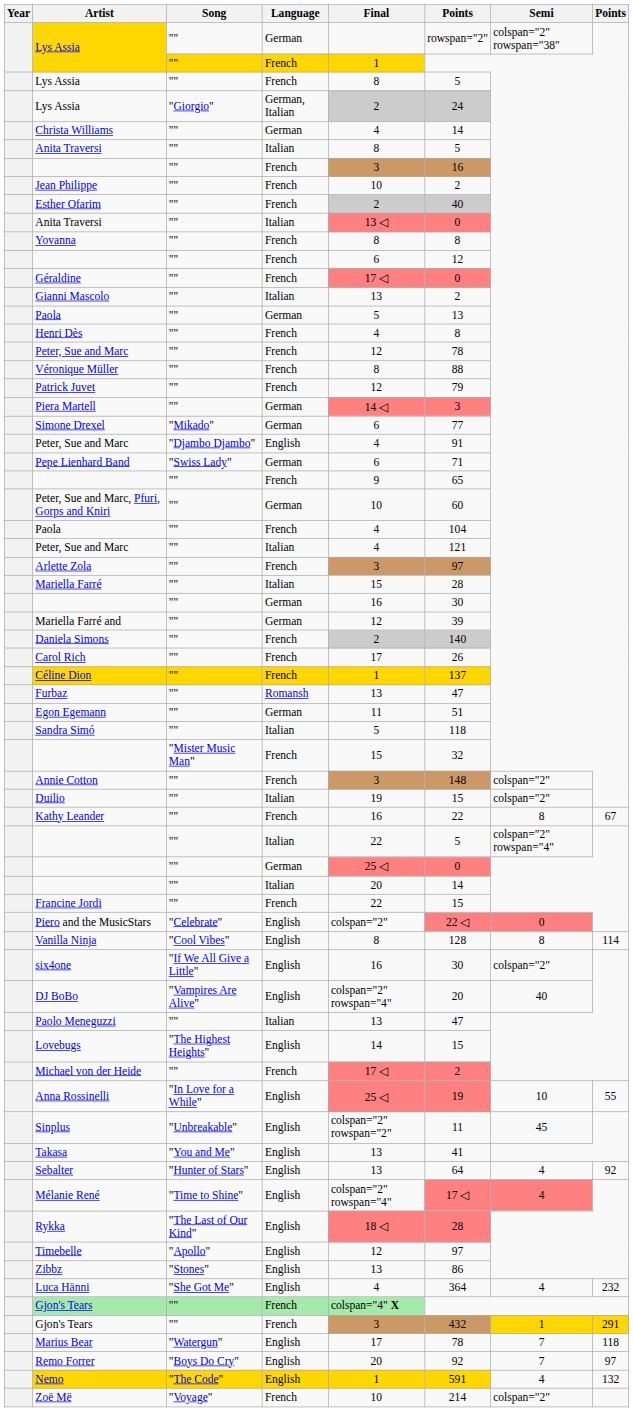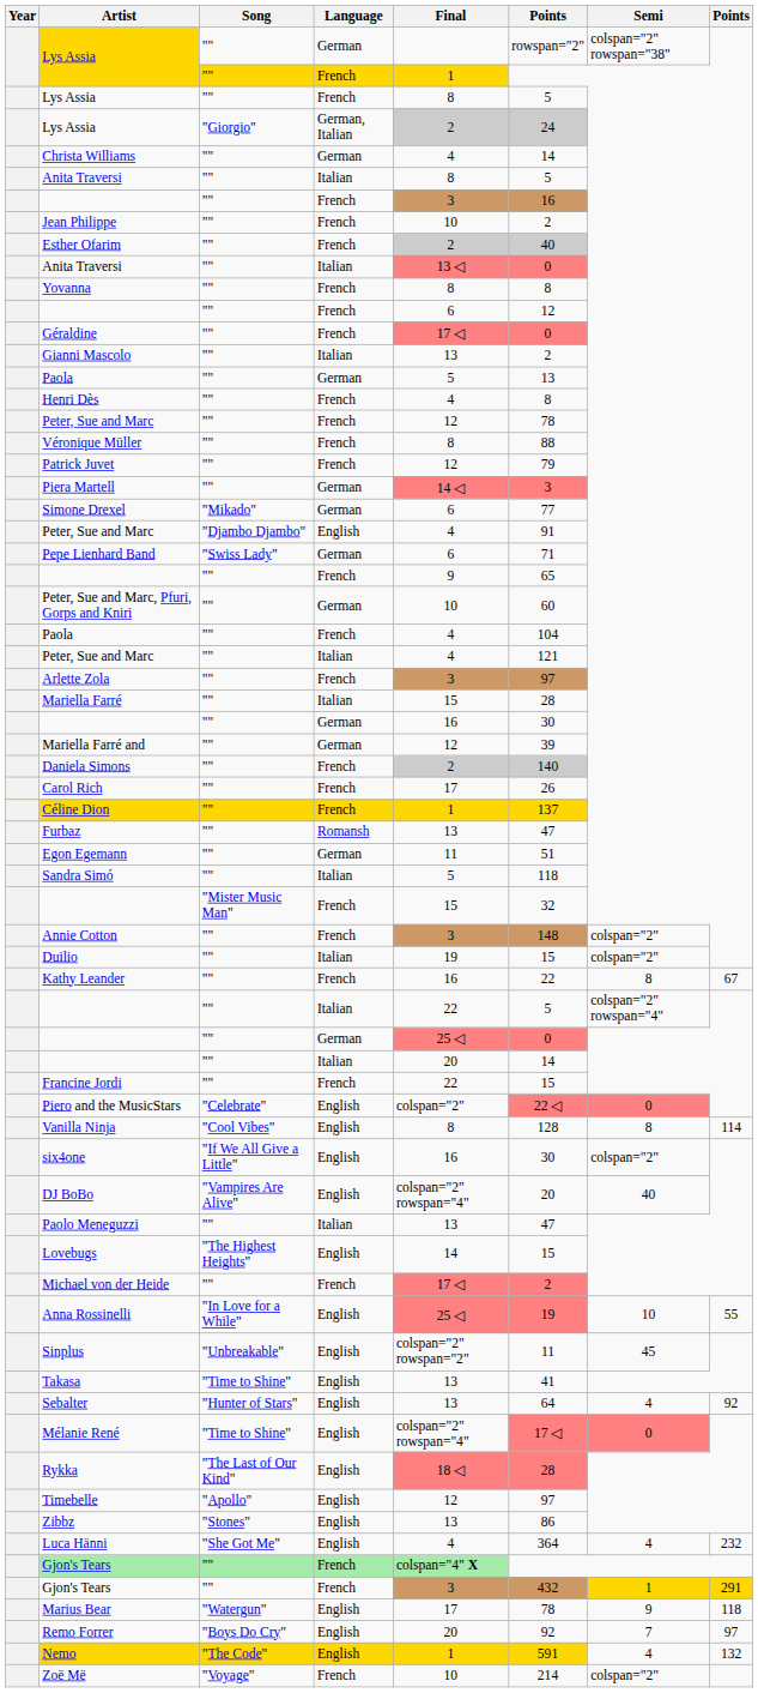 <table class="wikitable sortable plainrowheaders">
 <tr>
 <th scope="col">Year</th>
 <th scope="col">Artist</th>
 <th scope="col">Song</th>
 <th scope="col">Language</th>
 <th scope="col" data-sort-type="number">Final</th>
 <th scope="col" data-sort-type="number">Points</th>
 <th scope="col" data-sort-type="number">Semi</th>
 <th scope="col" data-sort-type="number">Points</th>
 </tr>
 <tr>
 <th scope="row" rowspan="2" style="text-align:center;"></th>
 <td rowspan="2" bgcolor="gold"><a href='#'>Lys Assia</a></td>
 <td>""</td>
 <td>German</td>
 <td></td>
 <td>rowspan="2" </td>
 <td>colspan="2" rowspan="38" </td>
 </tr>
 <tr style="background-color:#FFD700;">
 <td>""</td>
 <td>French</td>
 <td style="text-align:center;">1</td>
 </tr>
 <tr>
 <th scope="row" style="text-align:center;"></th>
 <td>Lys Assia</td>
 <td>""</td>
 <td>French</td>
 <td style="text-align:center;">8</td>
 <td style="text-align:center;">5</td>
 </tr>
 <tr>
 <th scope="row" style="text-align:center;"></th>
 <td>Lys Assia</td>
 <td>"<a href='#'>Giorgio</a>"</td>
 <td>German, Italian</td>
 <td style="text-align:center; background-color:#CCC;">2</td>
 <td style="text-align:center; background-color:#CCC;">24</td>
 </tr>
 <tr>
 <th scope="row" style="text-align:center;"></th>
 <td><a href='#'>Christa Williams</a></td>
 <td>""</td>
 <td>German</td>
 <td style="text-align:center;">4</td>
 <td style="text-align:center;">14</td>
 </tr>
 <tr>
 <th scope="row" style="text-align:center;"></th>
 <td><a href='#'>Anita Traversi</a></td>
 <td>""</td>
 <td>Italian</td>
 <td style="text-align:center;">8</td>
 <td style="text-align:center;">5</td>
 </tr>
 <tr>
 <th scope="row" style="text-align:center;"></th>
 <td></td>
 <td>""</td>
 <td>French</td>
 <td style="text-align:center; background-color:#C96;">3</td>
 <td style="text-align:center; background-color:#C96;">16</td>
 </tr>
 <tr>
 <th scope="row" style="text-align:center;"></th>
 <td><a href='#'>Jean Philippe</a></td>
 <td>""</td>
 <td>French</td>
 <td style="text-align:center;">10</td>
 <td style="text-align:center;">2</td>
 </tr>
 <tr>
 <th scope="row" style="text-align:center;"></th>
 <td><a href='#'>Esther Ofarim</a></td>
 <td>""</td>
 <td>French</td>
 <td style="text-align:center; background-color:#CCC;">2</td>
 <td style="text-align:center; background-color:#CCC;">40</td>
 </tr>
 <tr>
 <th scope="row" style="text-align:center;"></th>
 <td>Anita Traversi</td>
 <td>""</td>
 <td>Italian</td>
 <td style="text-align:center; background-color:#FE8080;">13 ◁</td>
 <td style="text-align:center; background-color:#FE8080;">0</td>
 </tr>
 <tr>
 <th scope="row" style="text-align:center;"></th>
 <td><a href='#'>Yovanna</a></td>
 <td>""</td>
 <td>French</td>
 <td style="text-align:center;">8</td>
 <td style="text-align:center;">8</td>
 </tr>
 <tr>
 <th scope="row" style="text-align:center;"></th>
 <td></td>
 <td>""</td>
 <td>French</td>
 <td style="text-align:center;">6</td>
 <td style="text-align:center;">12</td>
 </tr>
 <tr>
 <th scope="row" style="text-align:center;"></th>
 <td><a href='#'>Géraldine</a></td>
 <td>""</td>
 <td>French</td>
 <td style="text-align:center; background-color:#FE8080;">17 ◁</td>
 <td style="text-align:center; background-color:#FE8080;">0</td>
 </tr>
 <tr>
 <th scope="row" style="text-align:center;"></th>
 <td><a href='#'>Gianni Mascolo</a></td>
 <td>""</td>
 <td>Italian</td>
 <td style="text-align:center;">13</td>
 <td style="text-align:center;">2</td>
 </tr>
 <tr>
 <th scope="row" style="text-align:center;"></th>
 <td><a href='#'>Paola</a></td>
 <td>""</td>
 <td>German</td>
 <td style="text-align:center;">5</td>
 <td style="text-align:center;">13</td>
 </tr>
 <tr>
 <th scope="row" style="text-align:center;"></th>
 <td><a href='#'>Henri Dès</a></td>
 <td>""</td>
 <td>French</td>
 <td style="text-align:center;">4</td>
 <td style="text-align:center;">8</td>
 </tr>
 <tr>
 <th scope="row" style="text-align:center;"></th>
 <td><a href='#'>Peter, Sue and Marc</a></td>
 <td>""</td>
 <td>French</td>
 <td style="text-align:center;">12</td>
 <td style="text-align:center;">78</td>
 </tr>
 <tr>
 <th scope="row" style="text-align:center;"></th>
 <td><a href='#'>Véronique Müller</a></td>
 <td>""</td>
 <td>French</td>
 <td style="text-align:center;">8</td>
 <td style="text-align:center;">88</td>
 </tr>
 <tr>
 <th scope="row" style="text-align:center;"></th>
 <td><a href='#'>Patrick Juvet</a></td>
 <td>""</td>
 <td>French</td>
 <td style="text-align:center;">12</td>
 <td style="text-align:center;">79</td>
 </tr>
 <tr>
 <th scope="row" style="text-align:center;"></th>
 <td><a href='#'>Piera Martell</a></td>
 <td>""</td>
 <td>German</td>
 <td style="text-align:center; background-color:#FE8080;">14 ◁</td>
 <td style="text-align:center; background-color:#FE8080;">3</td>
 </tr>
 <tr>
 <th scope="row" style="text-align:center;"></th>
 <td><a href='#'>Simone Drexel</a></td>
 <td>"<a href='#'>Mikado</a>"</td>
 <td>German</td>
 <td style="text-align:center;">6</td>
 <td style="text-align:center;">77</td>
 </tr>
 <tr>
 <th scope="row" style="text-align:center;"></th>
 <td>Peter, Sue and Marc</td>
 <td>"<a href='#'>Djambo Djambo</a>"</td>
 <td>English</td>
 <td style="text-align:center;">4</td>
 <td style="text-align:center;">91</td>
 </tr>
 <tr>
 <th scope="row" style="text-align:center;"></th>
 <td><a href='#'>Pepe Lienhard Band</a></td>
 <td>"<a href='#'>Swiss Lady</a>"</td>
 <td>German</td>
 <td style="text-align:center;">6</td>
 <td style="text-align:center;">71</td>
 </tr>
 <tr>
 <th scope="row" style="text-align:center;"></th>
 <td></td>
 <td>""</td>
 <td>French</td>
 <td style="text-align:center;">9</td>
 <td style="text-align:center;">65</td>
 </tr>
 <tr>
 <th scope="row" style="text-align:center;"></th>
 <td>Peter, Sue and Marc, <a href='#'>Pfuri, Gorps and Kniri</a></td>
 <td>""</td>
 <td>German</td>
 <td style="text-align:center;">10</td>
 <td style="text-align:center;">60</td>
 </tr>
 <tr>
 <th scope="row" style="text-align:center;"></th>
 <td>Paola</td>
 <td>""</td>
 <td>French</td>
 <td style="text-align:center;">4</td>
 <td style="text-align:center;">104</td>
 </tr>
 <tr>
 <th scope="row" style="text-align:center;"></th>
 <td>Peter, Sue and Marc</td>
 <td>""</td>
 <td>Italian</td>
 <td style="text-align:center;">4</td>
 <td style="text-align:center;">121</td>
 </tr>
 <tr>
 <th scope="row" style="text-align:center;"></th>
 <td><a href='#'>Arlette Zola</a></td>
 <td>""</td>
 <td>French</td>
 <td style="text-align:center; background-color:#C96;">3</td>
 <td style="text-align:center; background-color:#C96;">97</td>
 </tr>
 <tr>
 <th scope="row" style="text-align:center;"></th>
 <td><a href='#'>Mariella Farré</a></td>
 <td>""</td>
 <td>Italian</td>
 <td style="text-align:center;">15</td>
 <td style="text-align:center;">28</td>
 </tr>
 <tr>
 <th scope="row" style="text-align:center;"></th>
 <td></td>
 <td>""</td>
 <td>German</td>
 <td style="text-align:center;">16</td>
 <td style="text-align:center;">30</td>
 </tr>
 <tr>
 <th scope="row" style="text-align:center;"></th>
 <td>Mariella Farré and </td>
 <td>""</td>
 <td>German</td>
 <td style="text-align:center;">12</td>
 <td style="text-align:center;">39</td>
 </tr>
 <tr>
 <th scope="row" style="text-align:center;"></th>
 <td><a href='#'>Daniela Simons</a></td>
 <td>""</td>
 <td>French</td>
 <td style="text-align:center; background-color:#CCC;">2</td>
 <td style="text-align:center; background-color:#CCC;">140</td>
 </tr>
 <tr>
 <th scope="row" style="text-align:center;"></th>
 <td><a href='#'>Carol Rich</a></td>
 <td>""</td>
 <td>French</td>
 <td style="text-align:center;">17</td>
 <td style="text-align:center;">26</td>
 </tr>
 <tr style="background-color:#FFD700;">
 <th scope="row" style="text-align:center;"></th>
 <td><a href='#'>Céline Dion</a></td>
 <td>""</td>
 <td>French</td>
 <td style="text-align:center;">1</td>
 <td style="text-align:center;">137</td>
 </tr>
 <tr>
 <th scope="row" style="text-align:center;"></th>
 <td><a href='#'>Furbaz</a></td>
 <td>""</td>
 <td><a href='#'>Romansh</a></td>
 <td style="text-align:center;">13</td>
 <td style="text-align:center;">47</td>
 </tr>
 <tr>
 <th scope="row" style="text-align:center;"></th>
 <td><a href='#'>Egon Egemann</a></td>
 <td>""</td>
 <td>German</td>
 <td style="text-align:center;">11</td>
 <td style="text-align:center;">51</td>
 </tr>
 <tr>
 <th scope="row" style="text-align:center;"></th>
 <td><a href='#'>Sandra Simó</a></td>
 <td>""</td>
 <td>Italian</td>
 <td style="text-align:center;">5</td>
 <td style="text-align:center;">118</td>
 </tr>
 <tr>
 <th scope="row" style="text-align:center;"></th>
 <td></td>
 <td>"<a href='#'>Mister Music Man</a>"</td>
 <td>French</td>
 <td style="text-align:center;">15</td>
 <td style="text-align:center;">32</td>
 </tr>
 <tr>
 <th scope="row" style="text-align:center;"></th>
 <td><a href='#'>Annie Cotton</a></td>
 <td>""</td>
 <td>French</td>
 <td style="text-align:center; background-color:#C96;">3</td>
 <td style="text-align:center; background-color:#C96;">148</td>
 <td>colspan="2" </td>
 </tr>
 <tr>
 <th scope="row" style="text-align:center;"></th>
 <td><a href='#'>Duilio</a></td>
 <td>""</td>
 <td>Italian</td>
 <td style="text-align:center;">19</td>
 <td style="text-align:center;">15</td>
 <td>colspan="2" </td>
 </tr>
 <tr>
 <th scope="row" style="text-align:center;"></th>
 <td><a href='#'>Kathy Leander</a></td>
 <td>""</td>
 <td>French</td>
 <td style="text-align:center;">16</td>
 <td style="text-align:center;">22</td>
 <td style="text-align:center;">8</td>
 <td style="text-align:center;">67</td>
 </tr>
 <tr>
 <th scope="row" style="text-align:center;"></th>
 <td></td>
 <td>""</td>
 <td>Italian</td>
 <td style="text-align:center;">22</td>
 <td style="text-align:center;">5</td>
 <td>colspan="2" rowspan="4" </td>
 </tr>
 <tr>
 <th scope="row" style="text-align:center;"></th>
 <td></td>
 <td>""</td>
 <td>German</td>
 <td style="text-align:center; background-color:#FE8080;">25 ◁</td>
 <td style="text-align:center; background-color:#FE8080;">0</td>
 </tr>
 <tr>
 <th scope="row" style="text-align:center;"></th>
 <td></td>
 <td>""</td>
 <td>Italian</td>
 <td style="text-align:center;">20</td>
 <td style="text-align:center;">14</td>
 </tr>
 <tr>
 <th scope="row" style="text-align:center;"></th>
 <td><a href='#'>Francine Jordi</a></td>
 <td>""</td>
 <td>French</td>
 <td style="text-align:center;">22</td>
 <td style="text-align:center;">15</td>
 </tr>
 <tr>
 <th scope="row" style="text-align:center;"></th>
 <td><a href='#'>Piero</a> and the MusicStars</td>
 <td>"<a href='#'>Celebrate</a>"</td>
 <td>English</td>
 <td>colspan="2" </td>
 <td style="text-align:center; background-color:#FE8080;">22 ◁</td>
 <td style="text-align:center; background-color:#FE8080;">0</td>
 </tr>
 <tr>
 <th scope="row" style="text-align:center;"></th>
 <td><a href='#'>Vanilla Ninja</a></td>
 <td>"<a href='#'>Cool Vibes</a>"</td>
 <td>English</td>
 <td style="text-align:center;">8</td>
 <td style="text-align:center;">128</td>
 <td style="text-align:center;">8</td>
 <td style="text-align:center;">114</td>
 </tr>
 <tr>
 <th scope="row" style="text-align:center;"></th>
 <td><a href='#'>six4one</a></td>
 <td>"<a href='#'>If We All Give a Little</a>"</td>
 <td>English</td>
 <td style="text-align:center;">16</td>
 <td style="text-align:center;">30</td>
 <td>colspan="2" </td>
 </tr>
 <tr>
 <th scope="row" style="text-align:center;"></th>
 <td><a href='#'>DJ BoBo</a></td>
 <td>"<a href='#'>Vampires Are Alive</a>"</td>
 <td>English</td>
 <td>colspan="2" rowspan="4" </td>
 <td style="text-align:center;">20</td>
 <td style="text-align:center;">40</td>
 </tr>
 <tr>
 <th scope="row" style="text-align:center;"></th>
 <td><a href='#'>Paolo Meneguzzi</a></td>
 <td>""</td>
 <td>Italian</td>
 <td style="text-align:center;">13</td>
 <td style="text-align:center;">47</td>
 </tr>
 <tr>
 <th scope="row" style="text-align:center;"></th>
 <td><a href='#'>Lovebugs</a></td>
 <td>"<a href='#'>The Highest Heights</a>"</td>
 <td>English</td>
 <td style="text-align:center;">14</td>
 <td style="text-align:center;">15</td>
 </tr>
 <tr>
 <th scope="row" style="text-align:center;"></th>
 <td><a href='#'>Michael von der Heide</a></td>
 <td>""</td>
 <td>French</td>
 <td style="text-align:center; background-color:#FE8080;">17 ◁</td>
 <td style="text-align:center; background-color:#FE8080;">2</td>
 </tr>
 <tr>
 <th scope="row" style="text-align:center;"></th>
 <td><a href='#'>Anna Rossinelli</a></td>
 <td>"<a href='#'>In Love for a While</a>"</td>
 <td>English</td>
 <td style="text-align:center; background-color:#FE8080;">25 ◁</td>
 <td style="text-align:center; background-color:#FE8080;">19</td>
 <td style="text-align:center;">10</td>
 <td style="text-align:center;">55</td>
 </tr>
 <tr>
 <th scope="row" style="text-align:center;"></th>
 <td><a href='#'>Sinplus</a></td>
 <td>"<a href='#'>Unbreakable</a>"</td>
 <td>English</td>
 <td>colspan="2" rowspan="2" </td>
 <td style="text-align:center;">11</td>
 <td style="text-align:center;">45</td>
 </tr>
 <tr>
 <th scope="row" style="text-align:center;"></th>
 <td><a href='#'>Takasa</a></td>
-<td>"<a href='#'>You and Me</a>"</td>
+<td>"<a href='#'>Time to Shine</a>"</td>
 <td>English</td>
 <td style="text-align:center;">13</td>
 <td style="text-align:center;">41</td>
 </tr>
 <tr>
 <th scope="row" style="text-align:center;"></th>
 <td><a href='#'>Sebalter</a></td>
 <td>"<a href='#'>Hunter of Stars</a>"</td>
 <td>English</td>
 <td style="text-align:center;">13</td>
 <td style="text-align:center;">64</td>
 <td style="text-align:center;">4</td>
 <td style="text-align:center;">92</td>
 </tr>
 <tr>
 <th scope="row" style="text-align:center;"></th>
 <td><a href='#'>Mélanie René</a></td>
 <td>"<a href='#'>Time to Shine</a>"</td>
 <td>English</td>
 <td>colspan="2" rowspan="4" </td>
 <td style="text-align:center; background-color:#FE8080;">17 ◁</td>
-<td style="text-align:center; background-color:#FE8080;">4</td>
+<td style="text-align:center; background-color:#FE8080;">0</td>
 </tr>
 <tr>
 <th scope="row" style="text-align:center;"></th>
 <td><a href='#'>Rykka</a></td>
 <td>"<a href='#'>The Last of Our Kind</a>"</td>
 <td>English</td>
 <td style="text-align:center; background-color:#FE8080;">18 ◁</td>
 <td style="text-align:center; background-color:#FE8080;">28</td>
 </tr>
 <tr>
 <th scope="row" style="text-align:center;"></th>
 <td><a href='#'>Timebelle</a></td>
 <td>"<a href='#'>Apollo</a>"</td>
 <td>English</td>
 <td style="text-align:center;">12</td>
 <td style="text-align:center;">97</td>
 </tr>
 <tr>
 <th scope="row" style="text-align:center;"></th>
 <td><a href='#'>Zibbz</a></td>
 <td>"<a href='#'>Stones</a>"</td>
 <td>English</td>
 <td style="text-align:center;">13</td>
 <td style="text-align:center;">86</td>
 </tr>
 <tr>
 <th scope="row" style="text-align:center;"></th>
 <td><a href='#'>Luca Hänni</a></td>
 <td>"<a href='#'>She Got Me</a>"</td>
 <td>English</td>
 <td style="text-align:center;">4</td>
 <td style="text-align:center;">364</td>
 <td style="text-align:center;">4</td>
 <td style="text-align:center;">232</td>
 </tr>
 <tr style="background-color:#A4EAA9;">
 <th scope="row" style="text-align:center;"></th>
 <td><a href='#'>Gjon's Tears</a></td>
 <td>""</td>
 <td>French</td>
 <td>colspan="4"  <strong>X</strong></td>
 </tr>
 <tr>
 <th scope="row" style="text-align:center;"></th>
 <td>Gjon's Tears</td>
 <td>""</td>
 <td>French</td>
 <td style="text-align:center; background-color:#C96;">3</td>
 <td style="text-align:center; background-color:#C96;">432</td>
 <td style="text-align:center; background-color:#FFD700;">1</td>
 <td style="text-align:center; background-color:#FFD700;">291</td>
 </tr>
 <tr>
 <th scope="row" style="text-align:center;"></th>
 <td><a href='#'>Marius Bear</a></td>
 <td>"<a href='#'>Watergun</a>"</td>
 <td>English</td>
 <td style="text-align:center;">17</td>
 <td style="text-align:center;">78</td>
-<td style="text-align:center;">7</td>
+<td style="text-align:center;">9</td>
 <td style="text-align:center;">118</td>
 </tr>
 <tr>
 <th scope="row" style="text-align:center;"></th>
 <td><a href='#'>Remo Forrer</a></td>
 <td>"<a href='#'>Boys Do Cry</a>"</td>
 <td>English</td>
 <td style="text-align:center;">20</td>
 <td style="text-align:center;">92</td>
 <td style="text-align:center;">7</td>
 <td style="text-align:center;">97</td>
 </tr>
 <tr>
 <th scope="row" style="text-align:center;"></th>
 <td style="background-color:#FFD700;"><a href='#'>Nemo</a></td>
 <td style="background-color:#FFD700;">"<a href='#'>The Code</a>"</td>
 <td style="background-color:#FFD700;">English</td>
 <td style="text-align:center; background-color:#FFD700;">1</td>
 <td style="text-align:center; background-color:#FFD700;">591</td>
 <td style="text-align:center;">4</td>
 <td style="text-align:center;">132</td>
 </tr>
 <tr>
 <th scope="row" style="text-align:center;"></th>
 <td><a href='#'>Zoë Më</a></td>
 <td>"<a href='#'>Voyage</a>"</td>
 <td>French</td>
 <td style="text-align:center;">10</td>
 <td style="text-align:center;">214</td>
 <td>colspan="2" </td>
 </tr>
 </table>
